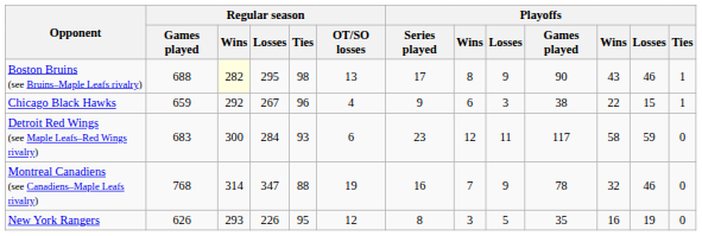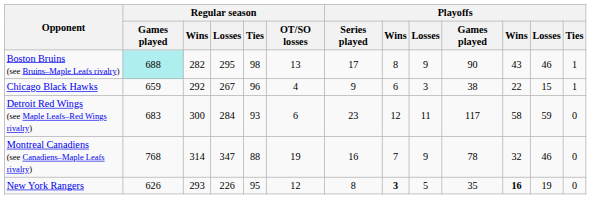 <table class="wikitable unsortable" style="text-align:center; font-size:95%;">
 <tr>
 <th rowspan="2">Opponent</th>
 <th colspan="5">Regular season</th>
 <th colspan="8">Playoffs</th>
 </tr>
 <tr>
 <th>Games played</th>
 <th>Wins</th>
 <th>Losses</th>
 <th>Ties</th>
 <th>OT/SO losses</th>
 <th>Series played</th>
 <th>Wins</th>
 <th>Losses</th>
 <th>Games played</th>
 <th>Wins</th>
 <th>Losses</th>
 <th>Ties</th>
 </tr>
 <tr>
 <td style="text-align:left;"><a href='#'>Boston Bruins</a><br><small>(see <a href='#'>Bruins–Maple Leafs rivalry</a>)</small></td>
-<td>688</td>
-<td style="background: lightyellow;">282</td>
+<td style="background: paleturquoise;">688</td>
+<td>282</td>
 <td>295</td>
 <td>98</td>
 <td>13</td>
 <td>17</td>
 <td>8</td>
 <td>9</td>
 <td>90</td>
 <td>43</td>
 <td>46</td>
 <td>1</td>
 </tr>
 <tr>
 <td style="text-align:left;"><a href='#'>Chicago Black Hawks</a></td>
 <td>659</td>
 <td>292</td>
 <td>267</td>
 <td>96</td>
 <td>4</td>
 <td>9</td>
 <td>6</td>
 <td>3</td>
 <td>38</td>
 <td>22</td>
 <td>15</td>
 <td>1</td>
 </tr>
 <tr>
 <td style="text-align:left;"><a href='#'>Detroit Red Wings</a><br><small>(see <a href='#'>Maple Leafs–Red Wings rivalry</a>)</small></td>
 <td>683</td>
 <td>300</td>
 <td>284</td>
 <td>93</td>
 <td>6</td>
 <td>23</td>
 <td>12</td>
 <td>11</td>
 <td>117</td>
 <td>58</td>
 <td>59</td>
 <td>0</td>
 </tr>
 <tr>
 <td style="text-align:left;"><a href='#'>Montreal Canadiens</a><br><small>(see <a href='#'>Canadiens–Maple Leafs rivalry</a>)</small></td>
 <td>768</td>
 <td>314</td>
 <td>347</td>
 <td>88</td>
 <td>19</td>
 <td>16</td>
 <td>7</td>
 <td>9</td>
 <td>78</td>
 <td>32</td>
 <td>46</td>
 <td>0</td>
 </tr>
 <tr>
 <td style="text-align:left;"><a href='#'>New York Rangers</a></td>
 <td>626</td>
 <td>293</td>
 <td>226</td>
 <td>95</td>
 <td>12</td>
 <td>8</td>
-<td>3</td>
+<td><strong>3</strong></td>
 <td>5</td>
 <td>35</td>
-<td>16</td>
+<td><strong>16</strong></td>
 <td>19</td>
 <td>0</td>
 </tr>
 </table>
